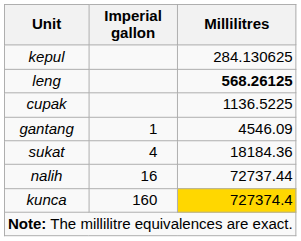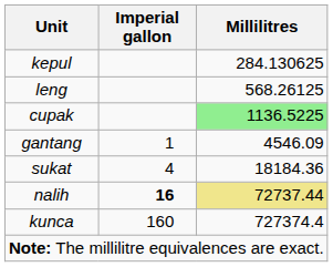 <table class="wikitable">
 <tr>
 <th>Unit</th>
 <th>Imperial<br>gallon</th>
 <th>Millilitres</th>
 </tr>
 <tr>
 <td align=center><em>kepul</em></td>
 <td align=right>    </td>
 <td align=right>284.130625</td>
 </tr>
 <tr>
 <td align=center><em>leng</em></td>
 <td align=right>    </td>
-<td align=right><strong>568.26125</strong></td>
+<td align=right>568.26125</td>
 </tr>
 <tr>
 <td align=center><em>cupak</em></td>
 <td align=right>    </td>
-<td align=right>1136.5225</td>
+<td align=right style="background: lightgreen;">1136.5225</td>
 </tr>
 <tr>
 <td align=center><em>gantang</em></td>
 <td align=right>1    </td>
 <td align=right>4546.09</td>
 </tr>
 <tr>
 <td align=center><em>sukat</em></td>
 <td align=right>4    </td>
 <td align=right>18184.36</td>
 </tr>
 <tr>
 <td align=center><em>nalih</em></td>
-<td align=right>16    </td>
-<td align=right>72737.44</td>
+<td align=right><strong>16    </strong></td>
+<td align=right style="background: khaki;">72737.44</td>
 </tr>
 <tr>
 <td align=center><em>kunca</em></td>
 <td align=right>160    </td>
-<td align=right style="background: gold;">727374.4</td>
+<td align=right>727374.4</td>
 </tr>
 <tr>
 <td colspan=7><strong>Note:</strong> The millilitre equivalences are exact.</td>
 </tr>
 </table>
